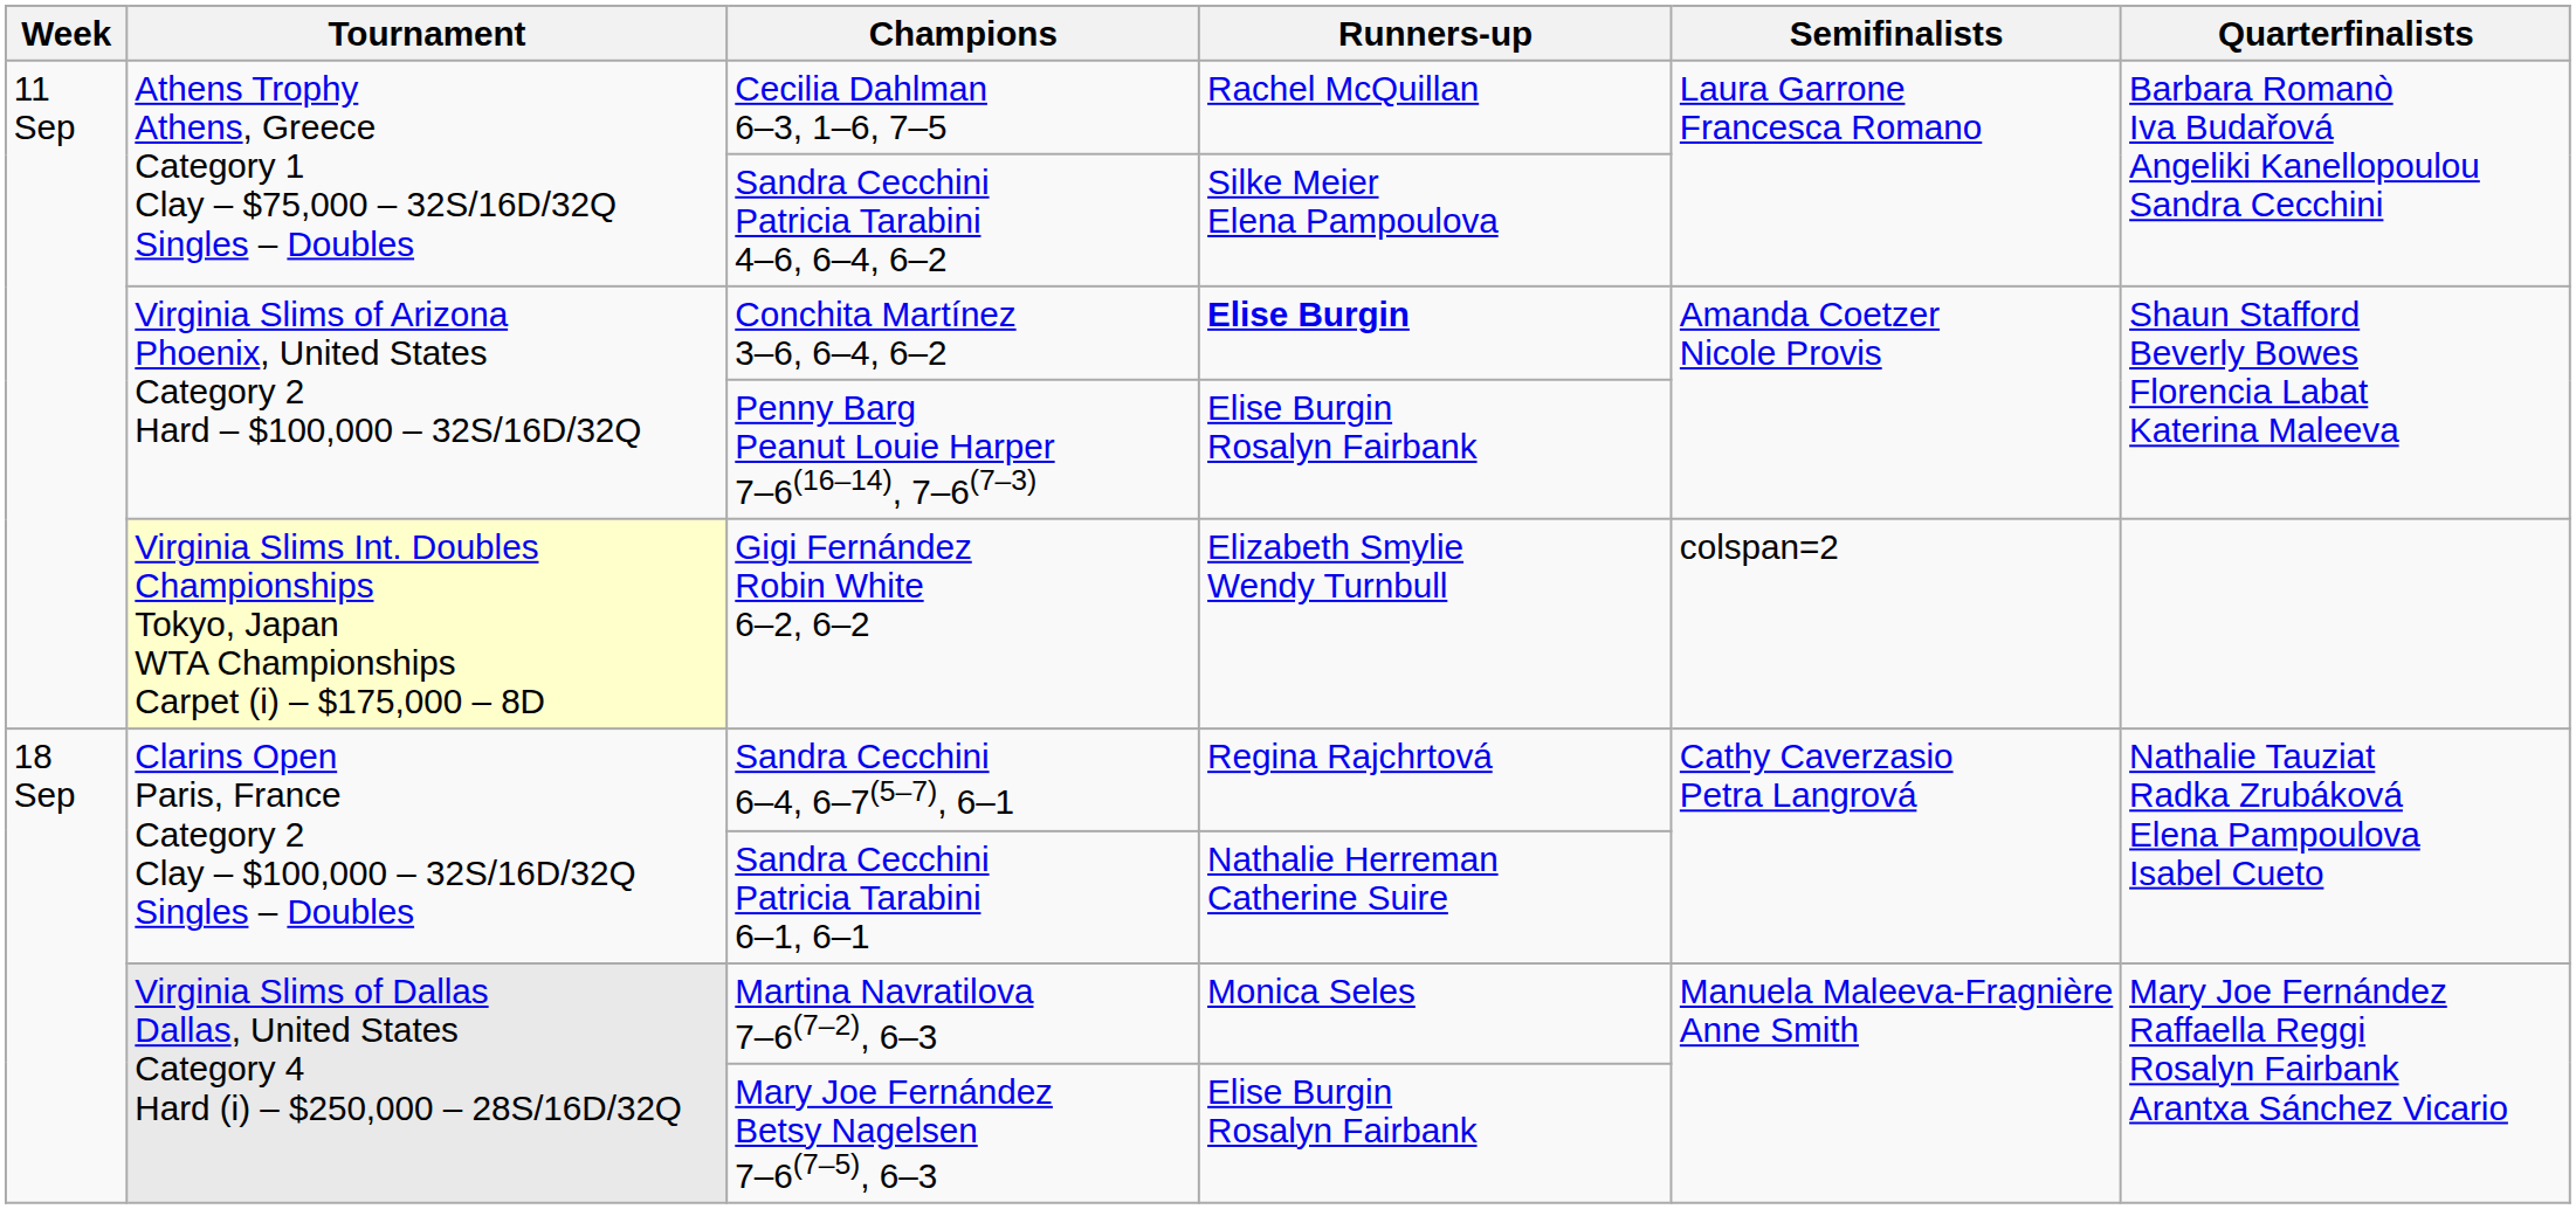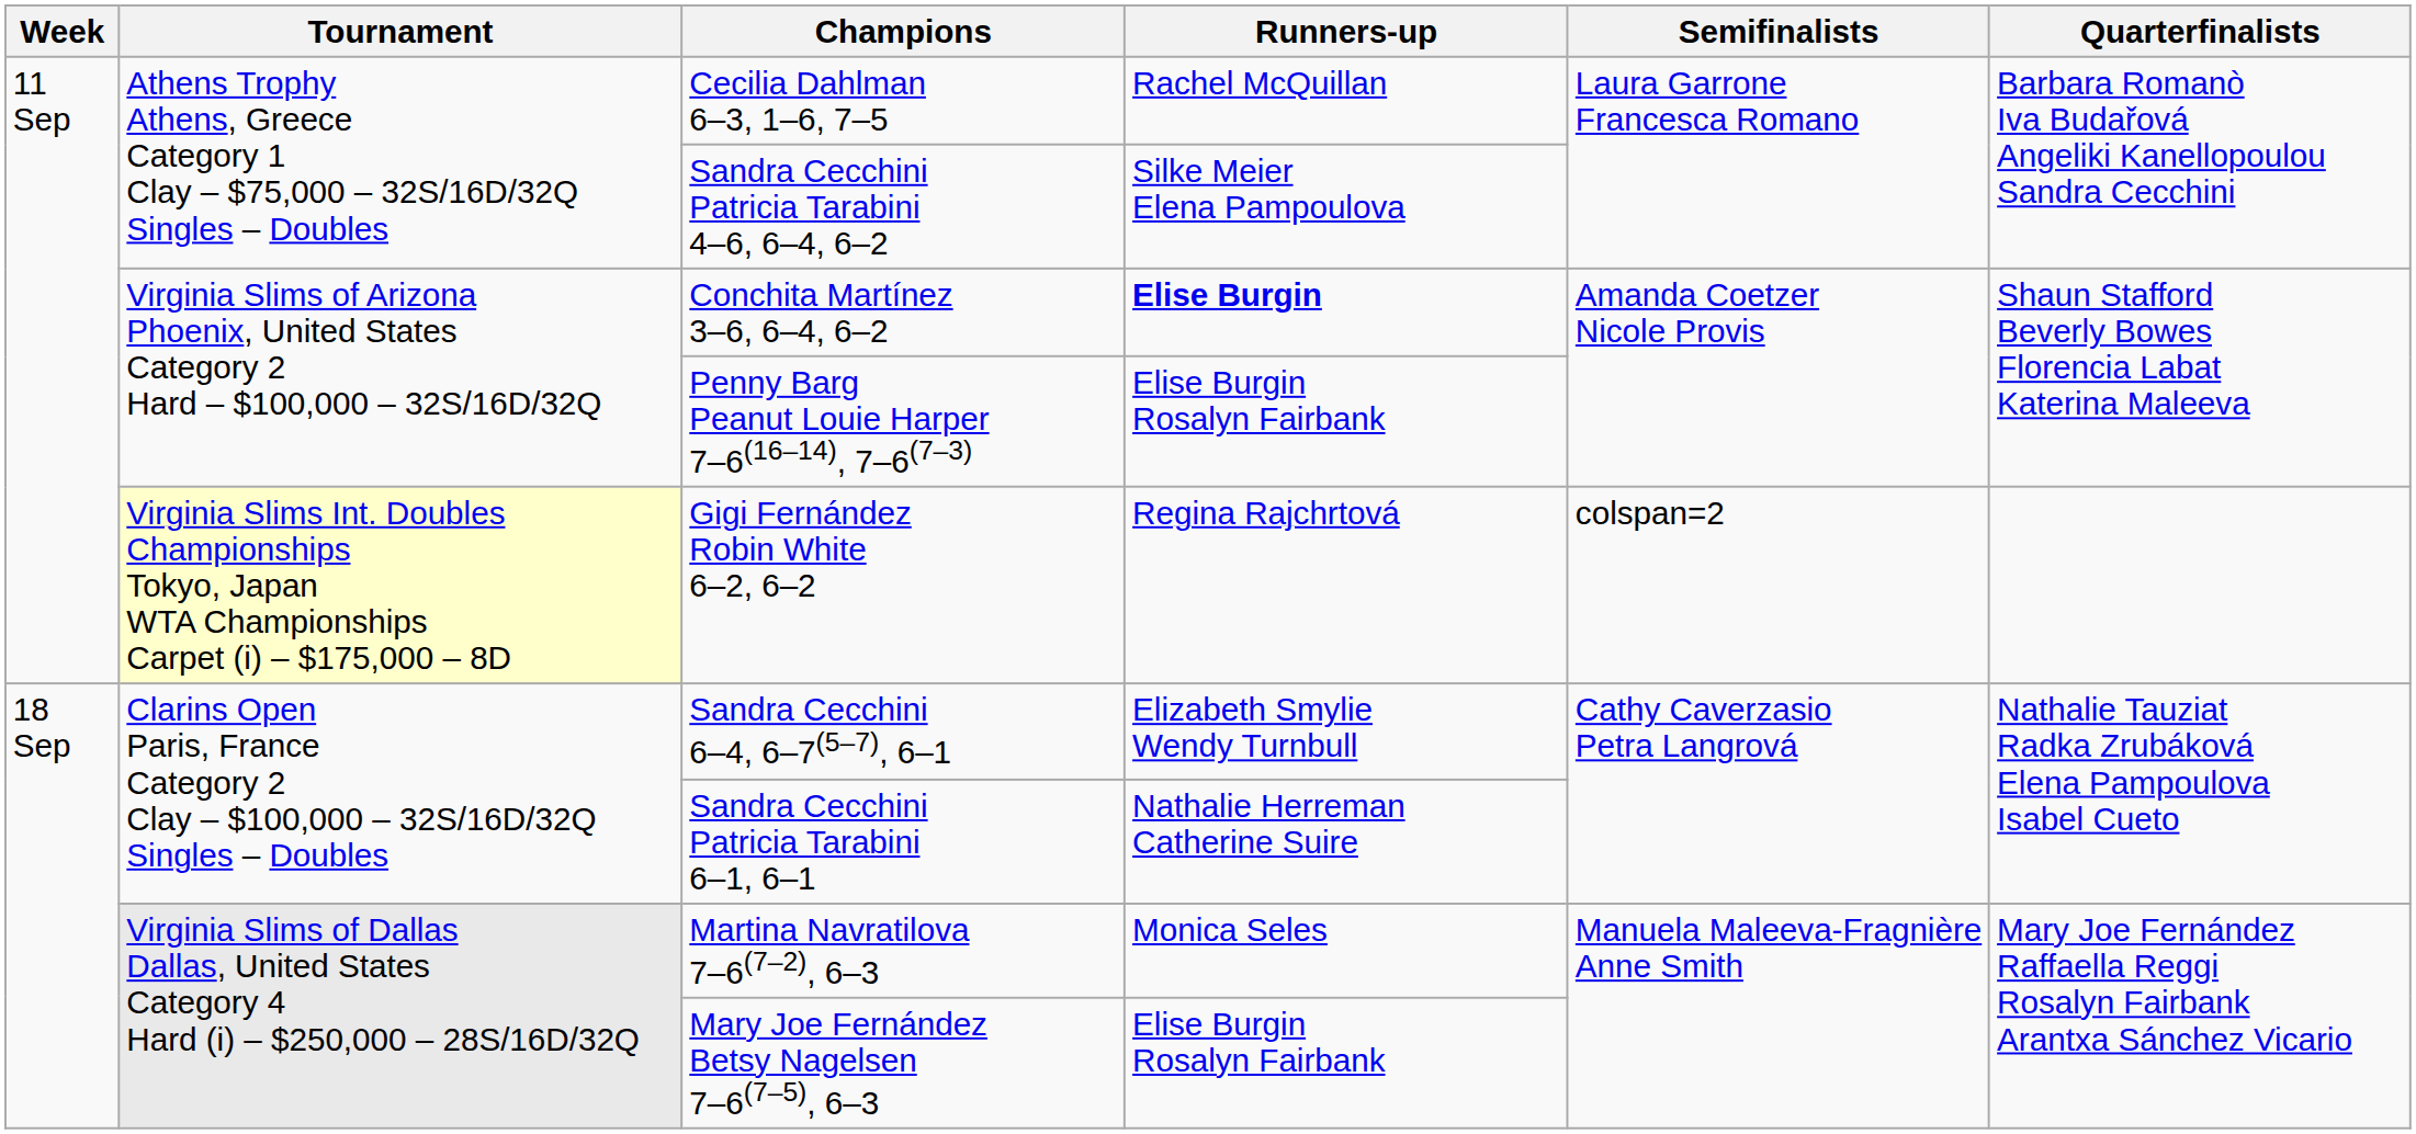 <table class=wikitable style=font-size:95%>
 <tr>
 <th style="width:46px;">Week</th>
 <th style="width:256px;">Tournament</th>
 <th style="width:200px;">Champions</th>
 <th style="width:200px;">Runners-up</th>
 <th style="width:190px;">Semifinalists</th>
 <th style="width:190px;">Quarterfinalists</th>
 </tr>
 <tr valign="top">
 <td rowspan=5>11 Sep</td>
 <td rowspan=2><a href='#'>Athens Trophy</a><br><a href='#'>Athens</a>, Greece<br>Category 1  <br>Clay – $75,000 – 32S/16D/32Q <br><a href='#'>Singles</a> – <a href='#'>Doubles</a></td>
 <td> <a href='#'>Cecilia Dahlman</a><br>6–3, 1–6, 7–5</td>
 <td> <a href='#'>Rachel McQuillan</a></td>
 <td rowspan=2> <a href='#'>Laura Garrone</a><br> <a href='#'>Francesca Romano</a></td>
 <td rowspan=2> <a href='#'>Barbara Romanò</a><br> <a href='#'>Iva Budařová</a><br> <a href='#'>Angeliki Kanellopoulou</a><br> <a href='#'>Sandra Cecchini</a></td>
 </tr>
 <tr valign="top">
 <td> <a href='#'>Sandra Cecchini</a><br> <a href='#'>Patricia Tarabini</a><br>4–6, 6–4, 6–2</td>
 <td> <a href='#'>Silke Meier</a><br> <a href='#'>Elena Pampoulova</a></td>
 </tr>
 <tr valign="top">
 <td rowspan=2><a href='#'>Virginia Slims of Arizona</a><br><a href='#'>Phoenix</a>, United States<br>Category 2  <br>Hard – $100,000 – 32S/16D/32Q</td>
 <td> <a href='#'>Conchita Martínez</a><br>3–6, 6–4, 6–2</td>
 <td><strong> <a href='#'>Elise Burgin</a></strong></td>
 <td rowspan=2> <a href='#'>Amanda Coetzer</a><br> <a href='#'>Nicole Provis</a></td>
 <td rowspan=2> <a href='#'>Shaun Stafford</a><br> <a href='#'>Beverly Bowes</a><br> <a href='#'>Florencia Labat</a><br> <a href='#'>Katerina Maleeva</a></td>
 </tr>
 <tr valign="top">
 <td> <a href='#'>Penny Barg</a><br> <a href='#'>Peanut Louie Harper</a><br>7–6<sup>(16–14)</sup>, 7–6<sup>(7–3)</sup></td>
 <td> <a href='#'>Elise Burgin</a><br> <a href='#'>Rosalyn Fairbank</a></td>
 </tr>
 <tr valign="top">
 <td style="background:#ffc;"><a href='#'>Virginia Slims Int. Doubles Championships</a><br>Tokyo, Japan<br>WTA Championships<br>Carpet (i) – $175,000 – 8D</td>
 <td> <a href='#'>Gigi Fernández</a><br> <a href='#'>Robin White</a><br>6–2, 6–2</td>
-<td> <a href='#'>Elizabeth Smylie</a><br> <a href='#'>Wendy Turnbull</a></td>
+<td> <a href='#'>Regina Rajchrtová</a></td>
 <td>colspan=2 </td>
 </tr>
 <tr valign="top">
 <td rowspan=4>18 Sep</td>
 <td rowspan=2><a href='#'>Clarins Open</a><br>Paris, France<br>Category 2  <br>Clay – $100,000 – 32S/16D/32Q <br><a href='#'>Singles</a> – <a href='#'>Doubles</a></td>
 <td> <a href='#'>Sandra Cecchini</a><br>6–4, 6–7<sup>(5–7)</sup>, 6–1</td>
-<td> <a href='#'>Regina Rajchrtová</a></td>
+<td> <a href='#'>Elizabeth Smylie</a><br> <a href='#'>Wendy Turnbull</a></td>
 <td rowspan=2> <a href='#'>Cathy Caverzasio</a><br> <a href='#'>Petra Langrová</a></td>
 <td rowspan=2> <a href='#'>Nathalie Tauziat</a><br> <a href='#'>Radka Zrubáková</a><br> <a href='#'>Elena Pampoulova</a><br> <a href='#'>Isabel Cueto</a></td>
 </tr>
 <tr valign="top">
 <td> <a href='#'>Sandra Cecchini</a><br> <a href='#'>Patricia Tarabini</a><br>6–1, 6–1</td>
 <td> <a href='#'>Nathalie Herreman</a><br> <a href='#'>Catherine Suire</a></td>
 </tr>
 <tr valign="top">
 <td rowspan=2 style="background:#E9E9E9;"><a href='#'>Virginia Slims of Dallas</a><br><a href='#'>Dallas</a>, United States<br>Category 4  <br>Hard (i) – $250,000 – 28S/16D/32Q</td>
 <td> <a href='#'>Martina Navratilova</a><br>7–6<sup>(7–2)</sup>, 6–3</td>
 <td> <a href='#'>Monica Seles</a></td>
 <td rowspan=2> <a href='#'>Manuela Maleeva-Fragnière</a><br> <a href='#'>Anne Smith</a></td>
 <td rowspan=2> <a href='#'>Mary Joe Fernández</a><br> <a href='#'>Raffaella Reggi</a><br> <a href='#'>Rosalyn Fairbank</a><br> <a href='#'>Arantxa Sánchez Vicario</a></td>
 </tr>
 <tr valign="top">
 <td> <a href='#'>Mary Joe Fernández</a><br> <a href='#'>Betsy Nagelsen</a><br>7–6<sup>(7–5)</sup>, 6–3</td>
 <td> <a href='#'>Elise Burgin</a><br> <a href='#'>Rosalyn Fairbank</a></td>
 </tr>
 </table>
